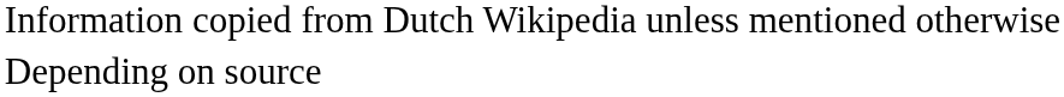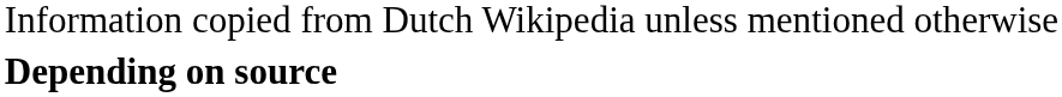 <table style="margin: 1em;">
 <tr>
 <td> Information copied from Dutch Wikipedia unless mentioned otherwise</td>
 </tr>
 <tr>
-<td> Depending on source</td>
+<td><strong> Depending on source</strong></td>
 </tr>
 </table>
